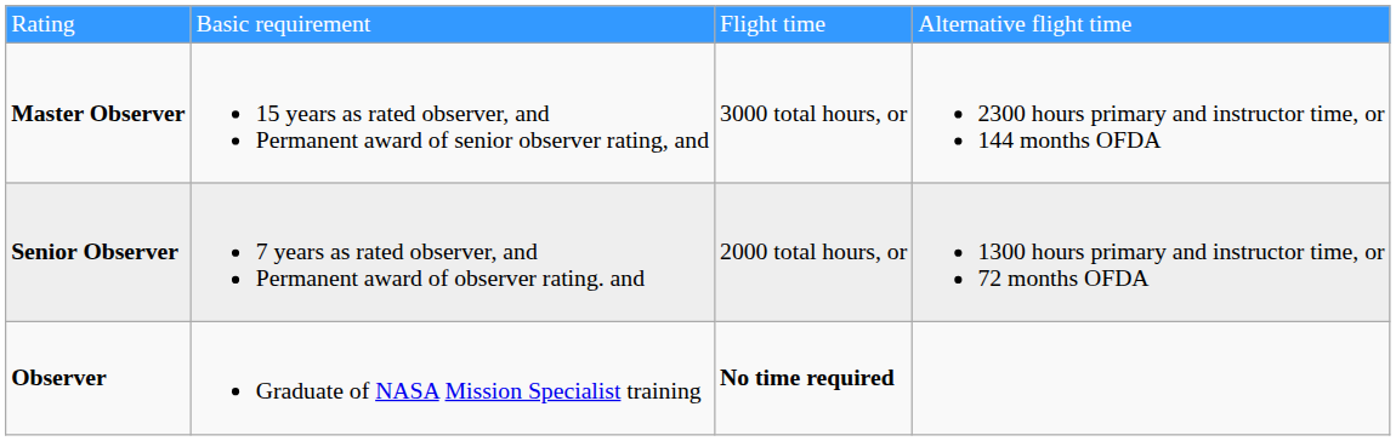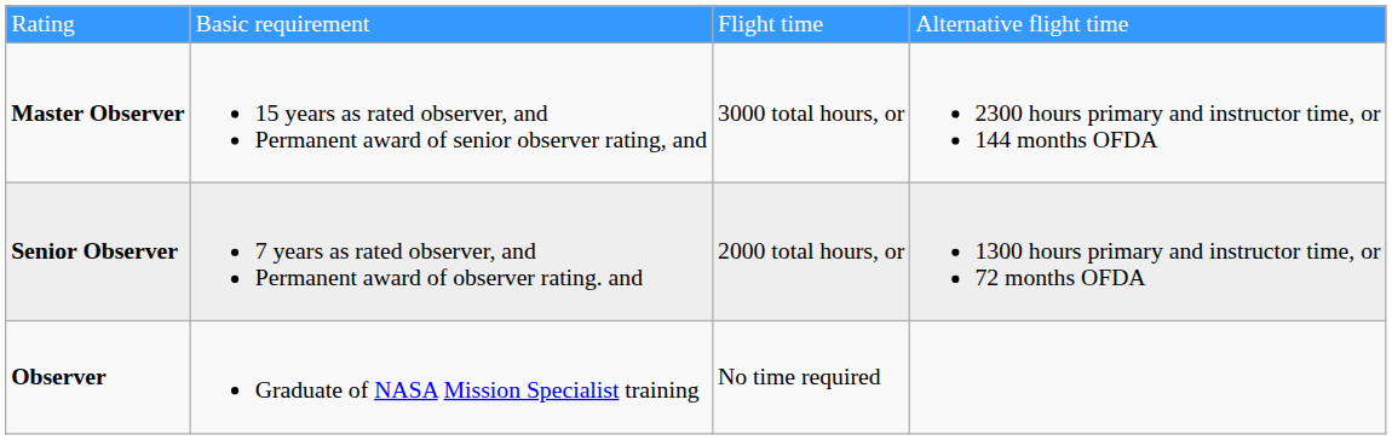 <table class="wikitable">
 <tr>
 <td style="background-color:#3399ff; color:white;">Rating</td>
 <td style="background-color:#3399ff; color:white;">Basic requirement</td>
 <td style="background-color:#3399ff; color:white;">Flight time</td>
 <td style="background-color:#3399ff; color:white;">Alternative flight time</td>
 </tr>
 <tr>
 <td><strong>Master Observer</strong></td>
 <td><br><ul><li>15 years as rated observer, and</li><li>Permanent award of senior observer rating, and</li></ul></td>
 <td>3000 total hours, or</td>
 <td><br><ul><li>2300 hours primary and instructor time, or</li><li>144 months OFDA</li></ul></td>
 </tr>
 <tr style="background-color:#eeeeee;">
 <td><strong>Senior Observer</strong></td>
 <td><br><ul><li>7 years as rated observer, and</li><li>Permanent award of observer rating. and</li></ul></td>
 <td>2000 total hours, or</td>
 <td><br><ul><li>1300 hours primary and instructor time, or</li><li>72 months OFDA</li></ul></td>
 </tr>
 <tr>
 <td><strong>Observer</strong></td>
 <td><br><ul><li>Graduate of <a href='#'>NASA</a> <a href='#'>Mission Specialist</a> training</li></ul></td>
-<td><strong>No time required</strong></td>
+<td>No time required</td>
 <td></td>
 </tr>
 </table>
